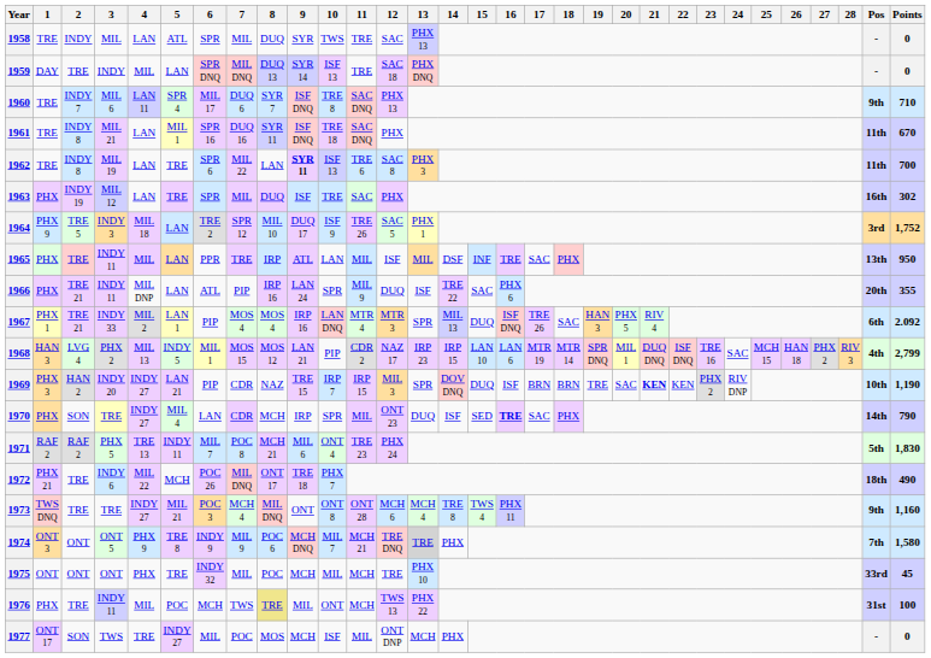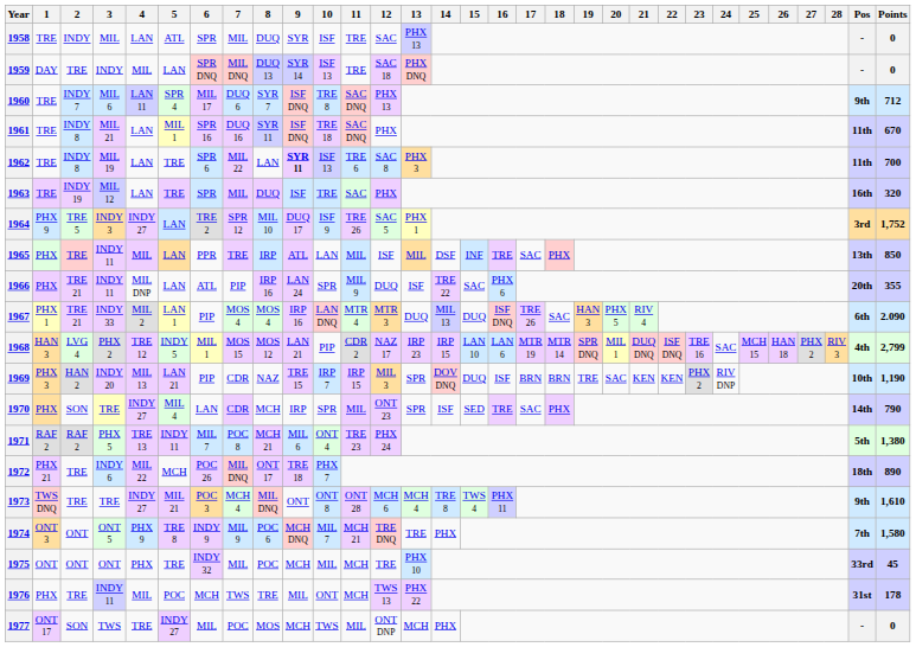 <table class="wikitable" style="text-align:center; font-size:90%">
 <tr>
 <th>Year</th>
 <th>1</th>
 <th>2</th>
 <th>3</th>
 <th>4</th>
 <th>5</th>
 <th>6</th>
 <th>7</th>
 <th>8</th>
 <th>9</th>
 <th>10</th>
 <th>11</th>
 <th>12</th>
 <th>13</th>
 <th>14</th>
 <th>15</th>
 <th>16</th>
 <th>17</th>
 <th>18</th>
 <th>19</th>
 <th>20</th>
 <th>21</th>
 <th>22</th>
 <th>23</th>
 <th>24</th>
 <th>25</th>
 <th>26</th>
 <th>27</th>
 <th>28</th>
 <th>Pos</th>
 <th>Points</th>
 </tr>
 <tr>
 <th rowspan=1><a href='#'>1958</a></th>
 <td><a href='#'>TRE</a></td>
 <td><a href='#'>INDY</a></td>
 <td><a href='#'>MIL</a></td>
 <td><a href='#'>LAN</a></td>
 <td><a href='#'>ATL</a></td>
 <td><a href='#'>SPR</a></td>
 <td><a href='#'>MIL</a></td>
 <td><a href='#'>DUQ</a></td>
 <td><a href='#'>SYR</a></td>
-<td><a href='#'>TWS</a><br><small> </small></td>
+<td><a href='#'>ISF</a></td>
 <td><a href='#'>TRE</a></td>
 <td><a href='#'>SAC</a></td>
 <td style="background:#CFCFFF;"><a href='#'>PHX</a><br><small>13</small></td>
 <td colspan=15></td>
 <th>-</th>
 <th>0</th>
 </tr>
 <tr>
 <th rowspan=1><a href='#'>1959</a></th>
 <td><a href='#'>DAY</a></td>
 <td><a href='#'>TRE</a></td>
 <td><a href='#'>INDY</a><br><small> </small></td>
 <td><a href='#'>MIL</a></td>
 <td><a href='#'>LAN</a></td>
 <td style="background:#ffcfcf;"><a href='#'>SPR</a><br><small>DNQ</small></td>
 <td style="background:#ffcfcf;"><a href='#'>MIL</a><br><small>DNQ</small></td>
 <td style="background:#cfcfff;"><a href='#'>DUQ</a><br><small>13</small></td>
 <td style="background:#cfcfff;"><a href='#'>SYR</a><br><small>14</small></td>
 <td style="background:#efcfff;"><a href='#'>ISF</a><br><small>13</small></td>
 <td><a href='#'>TRE</a><br><small> </small></td>
 <td style="background:#efcfff;"><a href='#'>SAC</a><br><small>18</small></td>
 <td style="background:#ffcfcf;"><a href='#'>PHX</a><br><small>DNQ</small></td>
 <td colspan=15></td>
 <th>-</th>
 <th>0</th>
 </tr>
 <tr>
 <th><a href='#'>1960</a></th>
 <td><a href='#'>TRE</a><br><small> </small></td>
 <td style="background:#CFEAFF;"><a href='#'>INDY</a><br><small>7</small></td>
 <td style="background:#CFEAFF;"><a href='#'>MIL</a><br><small>6</small></td>
 <td style="background:#CFCFFF;"><a href='#'>LAN</a><br><small>11</small></td>
 <td style="background:#DFFFDF;"><a href='#'>SPR</a><br><small>4</small></td>
 <td style="background:#EFCFFF;"><a href='#'>MIL</a><br><small>17</small></td>
 <td style="background:#CFEAFF;"><a href='#'>DUQ</a><br><small>6</small></td>
 <td style="background:#CFEAFF;"><a href='#'>SYR</a><br><small>7</small></td>
 <td style="background:#FFCFCF;"><a href='#'>ISF</a><br><small>DNQ</small></td>
 <td style="background:#CFEAFF;"><a href='#'>TRE</a><br><small>8</small></td>
 <td style="background:#FFCFCF;"><a href='#'>SAC</a><br><small>DNQ</small></td>
 <td style="background:#EFCFFF;"><a href='#'>PHX</a><br><small>13</small></td>
 <td colspan=16></td>
 <th style="background:#CFEAFF;">9th</th>
-<th style="background:#CFEAFF;">710</th>
+<th style="background:#CFEAFF;">712</th>
 </tr>
 <tr>
 <th><a href='#'>1961</a></th>
 <td><a href='#'>TRE</a><br><small> </small></td>
 <td style="background:#CFEAFF;"><a href='#'>INDY</a><br><small>8</small></td>
 <td style="background:#EFCFFF;"><a href='#'>MIL</a><br><small>21</small></td>
 <td><a href='#'>LAN</a><br><small> </small></td>
 <td style="background:#FFFFBF;"><a href='#'>MIL</a><br><small>1</small></td>
 <td style="background:#EFCFFF;"><a href='#'>SPR</a><br><small>16</small></td>
 <td style="background:#EFCFFF;"><a href='#'>DUQ</a><br><small>16</small></td>
 <td style="background:#CFCFFF;"><a href='#'>SYR</a><br><small>11</small></td>
 <td style="background:#FFCFCF;"><a href='#'>ISF</a><br><small>DNQ</small></td>
 <td style="background:#EFCFFF;"><a href='#'>TRE</a><br><small>18</small></td>
 <td style="background:#FFCFCF;"><a href='#'>SAC</a><br><small>DNQ</small></td>
 <td><a href='#'>PHX</a><br><small> </small></td>
 <td colspan=16></td>
 <th style="background:#CFCFFF;">11th</th>
 <th style="background:#CFCFFF;">670</th>
 </tr>
 <tr>
 <th><a href='#'>1962</a></th>
 <td><a href='#'>TRE</a><br><small> </small></td>
 <td style="background:#CFEAFF;"><a href='#'>INDY</a><br><small>8</small></td>
 <td style="background:#EFCFFF;"><a href='#'>MIL</a><br><small>19</small></td>
 <td><a href='#'>LAN</a><br><small> </small></td>
 <td><a href='#'>TRE</a><br><small> </small></td>
 <td style="background:#CFEAFF;"><a href='#'>SPR</a><br><small>6</small></td>
 <td style="background:#EFCFFF;"><a href='#'>MIL</a><br><small>22</small></td>
 <td><a href='#'>LAN</a><br><small> </small></td>
 <td style="background:#EFCFFF;"><strong><a href='#'>SYR</a><br><small>11</small></strong></td>
 <td style="background:#CFCFFF;"><a href='#'>ISF</a><br><small>13</small></td>
 <td style="background:#CFEAFF;"><a href='#'>TRE</a><br><small>6</small></td>
 <td style="background:#CFEAFF;"><a href='#'>SAC</a><br><small>8</small></td>
 <td style="background:#FFDF9F;"><a href='#'>PHX</a><br><small>3</small></td>
 <td colspan=15></td>
 <th style="background:#CFCFFF;">11th</th>
 <th style="background:#CFCFFF;">700</th>
 </tr>
 <tr>
 <th><a href='#'>1963</a></th>
-<td style="background:#EFCFFF;"><a href='#'>PHX</a><br></td>
+<td style="background:#EFCFFF;"><a href='#'>TRE</a><br></td>
 <td style="background:#EFCFFF;"><a href='#'>INDY</a><br><small>19</small></td>
 <td style="background:#CFCFFF;"><a href='#'>MIL</a><br><small>12</small></td>
 <td><a href='#'>LAN</a></td>
 <td style="background:#EFCFFF;"><a href='#'>TRE</a><br></td>
 <td style="background:#CFEAFF;"><a href='#'>SPR</a><br></td>
 <td style="background:#EFCFFF;"><a href='#'>MIL</a><br></td>
 <td style="background:#EFCFFF;"><a href='#'>DUQ</a><br></td>
 <td style="background:#CFEAFF;"><a href='#'>ISF</a><br></td>
 <td style="background:#CFEAFF;"><a href='#'>TRE</a><br></td>
 <td style="background:#DFFFDF;"><a href='#'>SAC</a><br></td>
 <td style="background:#EFCFFF;"><a href='#'>PHX</a><br></td>
 <td colspan=16></td>
 <th style="background:#CFCFFF;">16th</th>
-<th style="background:#CFCFFF;">302</th>
+<th style="background:#CFCFFF;">320</th>
 </tr>
 <tr>
 <th><a href='#'>1964</a></th>
 <td style="background:#CFEAFF;"><a href='#'>PHX</a><br><small>9</small></td>
 <td style="background:#DFFFDF;"><a href='#'>TRE</a><br><small>5</small></td>
 <td style="background:#FFDF9F;"><a href='#'>INDY</a><br><small>3</small></td>
-<td style="background:#EFCFFF;"><a href='#'>MIL</a><br><small>18</small></td>
+<td style="background:#EFCFFF;"><a href='#'>INDY</a><br><small>27</small></td>
 <td style="background:#CFEAFF;"><a href='#'>LAN</a><br></td>
 <td style="background:#DFDFDF;"><a href='#'>TRE</a><br><small>2</small></td>
 <td style="background:#EFCFFF;"><a href='#'>SPR</a><br><small>12</small></td>
 <td style="background:#CFEAFF;"><a href='#'>MIL</a><br><small>10</small></td>
 <td style="background:#EFCFFF;"><a href='#'>DUQ</a><br><small>17</small></td>
 <td style="background:#CFEAFF;"><a href='#'>ISF</a><br><small>9</small></td>
 <td style="background:#EFCFFF;"><a href='#'>TRE</a><br><small>26</small></td>
 <td style="background:#DFFFDF;"><a href='#'>SAC</a><br><small>5</small></td>
 <td style="background:#FFFFBF;"><a href='#'>PHX</a><br><small>1</small></td>
 <td colspan=15></td>
 <th style="background:#FFDF9F;">3rd</th>
 <th style="background:#FFDF9F;">1,752</th>
 </tr>
 <tr>
 <th><a href='#'>1965</a></th>
 <td style="background:#DFFFDF;"><a href='#'>PHX</a><br></td>
 <td style="background:#FFCFCF;"><a href='#'>TRE</a><br></td>
 <td style="background:#EFCFFF;"><a href='#'>INDY</a><br><small>11</small></td>
 <td style="background:#EFCFFF;"><a href='#'>MIL</a><br></td>
 <td style="background:#FFDF9F;"><a href='#'>LAN</a><br></td>
 <td><a href='#'>PPR</a><br></td>
 <td style="background:#EFCFFF;"><a href='#'>TRE</a><br></td>
 <td style="background:#CFEAFF;"><a href='#'>IRP</a><br></td>
 <td style="background:#EFCFFF;"><a href='#'>ATL</a><br></td>
 <td><a href='#'>LAN</a><br></td>
 <td style="background:#CFEAFF;"><a href='#'>MIL</a><br></td>
 <td><a href='#'>ISF</a><br></td>
 <td style="background:#FFDF9F;"><a href='#'>MIL</a><br></td>
 <td><a href='#'>DSF</a><br></td>
 <td style="background:#CFEAFF;"><a href='#'>INF</a><br></td>
 <td style="background:#EFCFFF;"><a href='#'>TRE</a><br></td>
 <td><a href='#'>SAC</a><br></td>
 <td style="background:#FFCFCF;"><a href='#'>PHX</a><br></td>
 <td colspan=10></td>
 <th style="background:#CFCFFF;">13th</th>
-<th style="background:#CFCFFF;">950</th>
+<th style="background:#CFCFFF;">850</th>
 </tr>
 <tr>
 <th><a href='#'>1966</a></th>
 <td style="background:#EFCFFF;"><a href='#'>PHX</a><br></td>
 <td style="background:#EFCFFF;"><a href='#'>TRE</a><br><small>21</small></td>
 <td style="background:#EFCFFF;"><a href='#'>INDY</a><br><small>11</small></td>
 <td><a href='#'>MIL</a><br><small>DNP</small></td>
 <td><a href='#'>LAN</a><br><small> </small></td>
 <td><a href='#'>ATL</a><br><small> </small></td>
 <td><a href='#'>PIP</a></td>
 <td style="background:#EFCFFF;"><a href='#'>IRP</a><br><small>16</small></td>
 <td style="background:#EFCFFF;"><a href='#'>LAN</a><br><small>24</small></td>
 <td><a href='#'>SPR</a><br><small> </small></td>
 <td style="background:#CFEAFF;"><a href='#'>MIL</a><br><small>9</small></td>
 <td><a href='#'>DUQ</a><br><small> </small></td>
 <td><a href='#'>ISF</a><br><small> </small></td>
 <td style="background:#EFCFFF;"><a href='#'>TRE</a><br><small>22</small></td>
 <td><a href='#'>SAC</a><br><small> </small></td>
 <td style="background:#CFEAFF;"><a href='#'>PHX</a><br><small>6</small></td>
 <td colspan=12></td>
 <th style="background:#CFCFFF;">20th</th>
 <th style="background:#CFCFFF;">355</th>
 </tr>
 <tr>
 <th><a href='#'>1967</a></th>
 <td style="background:#FFFFBF;"><a href='#'>PHX</a><br><small>1</small></td>
 <td style="background:#EFCFFF;"><a href='#'>TRE</a><br><small>21</small></td>
 <td style="background:#EFCFFF;"><a href='#'>INDY</a><br><small>33</small></td>
 <td style="background:#DFDFDF;"><a href='#'>MIL</a><br><small>2</small></td>
 <td style="background:#FFFFBF;"><a href='#'>LAN</a><br><small>1</small></td>
 <td><a href='#'>PIP</a></td>
 <td style="background:#DFFFDF;"><a href='#'>MOS</a><br><small>4</small></td>
 <td style="background:#DFFFDF;"><a href='#'>MOS</a><br><small>4</small></td>
 <td style="background:#EFCFFF;"><a href='#'>IRP</a><br><small>16</small></td>
 <td style="background:#FFCFCF;"><a href='#'>LAN</a><br><small>DNQ</small></td>
 <td style="background:#DFFFDF;"><a href='#'>MTR</a><br><small>4</small></td>
 <td style="background:#FFDF9F;"><a href='#'>MTR</a><br><small>3</small></td>
-<td><a href='#'>SPR</a><br><small> </small></td>
+<td><a href='#'>DUQ</a><br></td>
 <td style="background:#CFCFFF;"><a href='#'>MIL</a><br><small>13</small></td>
 <td><a href='#'>DUQ</a><br><small> </small></td>
 <td style="background:#FFCFCF;"><a href='#'>ISF</a><br><small>DNQ</small></td>
 <td style="background:#EFCFFF;"><a href='#'>TRE</a><br><small>26</small></td>
 <td><a href='#'>SAC</a><br><small> </small></td>
 <td style="background:#FFDF9F;"><a href='#'>HAN</a><br><small>3</small></td>
 <td style="background:#DFFFDF;"><a href='#'>PHX</a><br><small>5</small></td>
 <td style="background:#DFFFDF;"><a href='#'>RIV</a><br><small>4</small></td>
 <td colspan=7></td>
 <th style="background:#CFEAFF;">6th</th>
-<th style="background:#CFEAFF;">2.092</th>
+<th style="background:#CFEAFF;">2.090</th>
 </tr>
 <tr>
 <th><a href='#'>1968</a></th>
 <td style="background:#FFDF9F;"><a href='#'>HAN</a><br><small>3</small></td>
 <td style="background:#DFFFDF;"><a href='#'>LVG</a><br><small>4</small></td>
 <td style="background:#DFDFDF;"><a href='#'>PHX</a><br><small>2</small></td>
-<td style="background:#EFCFFF;"><a href='#'>MIL</a><br><small>13</small></td>
+<td style="background:#EFCFFF;"><a href='#'>TRE</a><br><small>12</small></td>
 <td style="background:#DFFFDF;"><a href='#'>INDY</a><br><small>5</small></td>
 <td style="background:#FFFFBF;"><a href='#'>MIL</a><br><small>1</small></td>
 <td style="background:#EFCFFF;"><a href='#'>MOS</a><br><small>15</small></td>
 <td style="background:#EFCFFF;"><a href='#'>MOS</a><br><small>12</small></td>
 <td style="background:#EFCFFF;"><a href='#'>LAN</a><br><small>21</small></td>
 <td><a href='#'>PIP</a></td>
 <td style="background:#DFDFDF;"><a href='#'>CDR</a><br><small>2</small></td>
 <td style="background:#EFCFFF;"><a href='#'>NAZ</a><br><small>17</small></td>
 <td style="background:#EFCFFF;"><a href='#'>IRP</a><br><small>23</small></td>
 <td style="background:#EFCFFF;"><a href='#'>IRP</a><br><small>15</small></td>
 <td style="background:#CFEAFF;"><a href='#'>LAN</a><br><small>10</small></td>
 <td style="background:#CFEAFF;"><a href='#'>LAN</a><br><small>6</small></td>
 <td style="background:#EFCFFF;"><a href='#'>MTR</a><br><small>19</small></td>
 <td style="background:#EFCFFF;"><a href='#'>MTR</a><br><small>14</small></td>
 <td style="background:#FFCFCF;"><a href='#'>SPR</a><br><small>DNQ</small></td>
 <td style="background:#FFFFBF;"><a href='#'>MIL</a><br><small>1</small></td>
 <td style="background:#FFCFCF;"><a href='#'>DUQ</a><br><small>DNQ</small></td>
 <td style="background:#FFCFCF;"><a href='#'>ISF</a><br><small>DNQ</small></td>
 <td style="background:#EFCFFF;"><a href='#'>TRE</a><br><small>16</small></td>
 <td><a href='#'>SAC</a><br><small> </small></td>
 <td style="background:#EFCFFF;"><a href='#'>MCH</a><br><small>15</small></td>
 <td style="background:#EFCFFF;"><a href='#'>HAN</a><br><small>18</small></td>
 <td style="background:#DFDFDF;"><a href='#'>PHX</a><br><small>2</small></td>
 <td style="background:#FFDF9F;"><a href='#'>RIV</a><br><small>3</small></td>
 <th style="background:#DFFFDF;">4th</th>
 <th style="background:#DFFFDF;">2,799</th>
 </tr>
 <tr>
 <th><a href='#'>1969</a></th>
 <td style="background:#FFDF9F;"><a href='#'>PHX</a><br><small>3</small></td>
 <td style="background:#DFDFDF;"><a href='#'>HAN</a><br><small>2</small></td>
 <td style="background:#EFCFFF;"><a href='#'>INDY</a><br><small>20</small></td>
-<td style="background:#EFCFFF;"><a href='#'>INDY</a><br><small>27</small></td>
+<td style="background:#EFCFFF;"><a href='#'>MIL</a><br><small>13</small></td>
 <td style="background:#EFCFFF;"><a href='#'>LAN</a><br><small>21</small></td>
 <td><a href='#'>PIP</a></td>
 <td><a href='#'>CDR</a><br><small> </small></td>
 <td><a href='#'>NAZ</a></td>
 <td style="background:#EFCFFF;"><a href='#'>TRE</a><br><small>15</small></td>
 <td style="background:#CFEAFF;"><a href='#'>IRP</a><br><small>7</small></td>
 <td style="background:#EFCFFF;"><a href='#'>IRP</a><br><small>15</small></td>
 <td style="background:#FFDF9F;"><a href='#'>MIL</a><br><small>3</small></td>
 <td><a href='#'>SPR</a><br><small> </small></td>
 <td style="background:#FFCFCF;"><a href='#'>DOV</a><br><small>DNQ</small></td>
 <td><a href='#'>DUQ</a><br><small> </small></td>
 <td><a href='#'>ISF</a><br><small> </small></td>
 <td><a href='#'>BRN</a><br><small> </small></td>
 <td><a href='#'>BRN</a><br><small> </small></td>
 <td><a href='#'>TRE</a><br><small> </small></td>
 <td><a href='#'>SAC</a><br><small> </small></td>
-<td><strong><a href='#'>KEN</a></strong></td>
+<td><a href='#'>KEN</a></td>
 <td><a href='#'>KEN</a></td>
 <td style="background:#DFDFDF;"><a href='#'>PHX</a><br><small>2</small></td>
 <td><a href='#'>RIV</a><br><small>DNP</small></td>
 <td colspan=4></td>
 <th style="background:#CFEAFF;">10th</th>
 <th style="background:#CFEAFF;">1,190</th>
 </tr>
 <tr>
 <th><a href='#'>1970</a></th>
 <td style="background:#FFDF9F;"><a href='#'>PHX</a><br></td>
 <td><a href='#'>SON</a><br></td>
 <td style="background:#FFFFBF;"><a href='#'>TRE</a><br></td>
 <td style="background:#EFCFFF;"><a href='#'>INDY</a><br><small>27</small></td>
 <td style="background:#DFFFDF;"><a href='#'>MIL</a><br><small>4</small></td>
 <td><a href='#'>LAN</a><br></td>
 <td style="background:#EFCFFF;"><a href='#'>CDR</a><br></td>
 <td><a href='#'>MCH</a><br></td>
 <td><a href='#'>IRP</a><br></td>
 <td><a href='#'>SPR</a><br></td>
 <td style="background:#EFCFFF;"><a href='#'>MIL</a><br></td>
 <td style="background:#EFCFFF;"><a href='#'>ONT</a><br><small>23</small></td>
-<td><a href='#'>DUQ</a><br></td>
+<td><a href='#'>SPR</a><br><small> </small></td>
 <td><a href='#'>ISF</a><br></td>
 <td><a href='#'>SED</a><br></td>
-<td style="background:#EFCFFF;"><strong><a href='#'>TRE</a><br></strong></td>
+<td style="background:#EFCFFF;"><a href='#'>TRE</a><br></td>
 <td><a href='#'>SAC</a><br></td>
 <td style="background:#EFCFFF;"><a href='#'>PHX</a><br></td>
 <td colspan=10></td>
 <th style="background:#CFCFFF;">14th</th>
 <th style="background:#CFCFFF;">790</th>
 </tr>
 <tr>
 <th><a href='#'>1971</a></th>
 <td style="background:#DFDFDF;"><a href='#'>RAF</a><br><small>2</small></td>
 <td style="background:#DFDFDF;"><a href='#'>RAF</a><br><small>2</small></td>
 <td style="background:#DFFFDF;"><a href='#'>PHX</a><br><small>5</small></td>
 <td style="background:#EFCFFF;"><a href='#'>TRE</a><br><small>13</small></td>
 <td style="background:#EFCFFF;"><a href='#'>INDY</a><br><small>11</small></td>
 <td style="background:#CFEAFF;"><a href='#'>MIL</a><br><small>7</small></td>
 <td style="background:#CFEAFF;"><a href='#'>POC</a><br><small>8</small></td>
 <td style="background:#EFCFFF;"><a href='#'>MCH</a><br><small>21</small></td>
 <td style="background:#CFEAFF;"><a href='#'>MIL</a><br><small>6</small></td>
 <td style="background:#DFFFDF;"><a href='#'>ONT</a><br><small>4</small></td>
 <td style="background:#EFCFFF;"><a href='#'>TRE</a><br><small>23</small></td>
 <td style="background:#EFCFFF;"><a href='#'>PHX</a><br><small>24</small></td>
 <td colspan=16></td>
 <th style="background:#DFFFDF;">5th</th>
-<th style="background:#DFFFDF;">1,830</th>
+<th style="background:#DFFFDF;">1,380</th>
 </tr>
 <tr>
 <th><a href='#'>1972</a></th>
 <td style="background:#EFCFFF;"><a href='#'>PHX</a><br><small>21</small></td>
 <td><a href='#'>TRE</a><br><small> </small></td>
 <td style="background:#CFEAFF;"><a href='#'>INDY</a><br><small>6</small></td>
 <td style="background:#EFCFFF;"><a href='#'>MIL</a><br><small>22</small></td>
 <td><a href='#'>MCH</a><br><small> </small></td>
 <td style="background:#EFCFFF;"><a href='#'>POC</a><br><small>26</small></td>
 <td style="background:#FFCFCF;"><a href='#'>MIL</a><br><small>DNQ</small></td>
 <td style="background:#EFCFFF;"><a href='#'>ONT</a><br><small>17</small></td>
 <td style="background:#EFCFFF;"><a href='#'>TRE</a><br><small>18</small></td>
 <td style="background:#CFEAFF;"><a href='#'>PHX</a><br><small>7</small></td>
 <td colspan=18></td>
 <th style="background:#CFCFFF;">18th</th>
-<th style="background:#CFCFFF;">490</th>
+<th style="background:#CFCFFF;">890</th>
 </tr>
 <tr>
 <th><a href='#'>1973</a></th>
 <td style="background:#FFCFCF;"><a href='#'>TWS</a><br><small>DNQ</small></td>
 <td><a href='#'>TRE</a><br><small> </small></td>
 <td><a href='#'>TRE</a><br><small> </small></td>
 <td style="background:#EFCFFF;"><a href='#'>INDY</a><br><small>27</small></td>
 <td style="background:#EFCFFF;"><a href='#'>MIL</a><br><small>21</small></td>
 <td style="background:#FFDF9F;"><a href='#'>POC</a><br><small>3</small></td>
 <td style="background:#DFFFDF;"><a href='#'>MCH</a><br><small>4</small></td>
 <td style="background:#FFCFCF;"><a href='#'>MIL</a><br><small>DNQ</small></td>
 <td><a href='#'>ONT</a></td>
 <td style="background:#CFEAFF;"><a href='#'>ONT</a><br><small>8</small></td>
 <td style="background:#EFCFFF;"><a href='#'>ONT</a><br><small>28</small></td>
 <td style="background:#CFEAFF;"><a href='#'>MCH</a><br><small>6</small></td>
 <td style="background:#DFFFDF;"><a href='#'>MCH</a><br><small>4</small></td>
 <td style="background:#CFEAFF;"><a href='#'>TRE</a><br><small>8</small></td>
 <td style="background:#DFFFDF;"><a href='#'>TWS</a><br><small>4</small></td>
 <td style="background:#CFCFFF;"><a href='#'>PHX</a><br><small>11</small></td>
 <td colspan=12></td>
 <th style="background:#CFEAFF;">9th</th>
-<th style="background:#CFEAFF;">1,160</th>
+<th style="background:#CFEAFF;">1,610</th>
 </tr>
 <tr>
 <th><a href='#'>1974</a></th>
 <td style="background:#FFDF9F;"><a href='#'>ONT</a><br><small>3</small></td>
 <td><a href='#'>ONT</a></td>
 <td style="background:#DFFFDF;"><a href='#'>ONT</a><br><small>5</small></td>
 <td style="background:#CFEAFF;"><a href='#'>PHX</a><br><small>9</small></td>
 <td style="background:#EFCFFF;"><a href='#'>TRE</a><br><small>8</small></td>
 <td style="background:#EFCFFF;"><a href='#'>INDY</a><br><small>9</small></td>
 <td style="background:#CFEAFF;"><a href='#'>MIL</a><br><small>9</small></td>
 <td style="background:#CFEAFF;"><a href='#'>POC</a><br><small>6</small></td>
 <td style="background:#FFCFCF;"><a href='#'>MCH</a><br><small>DNQ</small></td>
 <td style="background:#CFEAFF;"><a href='#'>MIL</a><br><small>7</small></td>
 <td style="background:#EFCFFF;"><a href='#'>MCH</a><br><small>21</small></td>
 <td style="background:#FFCFCF;"><a href='#'>TRE</a><br><small>DNQ</small></td>
-<td style="background: lightgrey;"><a href='#'>TRE</a><br><small> </small></td>
+<td><a href='#'>TRE</a><br><small> </small></td>
 <td><a href='#'>PHX</a><br><small> </small></td>
 <td colspan=14></td>
 <th style="background:#CFEAFF;">7th</th>
 <th style="background:#CFEAFF;">1,580</th>
 </tr>
 <tr>
 <th><a href='#'>1975</a></th>
 <td><a href='#'>ONT</a><br><small> </small></td>
 <td><a href='#'>ONT</a></td>
 <td><a href='#'>ONT</a><br><small> </small></td>
 <td><a href='#'>PHX</a><br><small> </small></td>
 <td><a href='#'>TRE</a><br><small> </small></td>
 <td style="background:#EFCFFF;"><a href='#'>INDY</a><br><small>32</small></td>
 <td><a href='#'>MIL</a><br><small></small></td>
 <td><a href='#'>POC</a><br><small> </small></td>
 <td><a href='#'>MCH</a><br><small> </small></td>
 <td><a href='#'>MIL</a><br><small> </small></td>
 <td><a href='#'>MCH</a><br><small> </small></td>
 <td><a href='#'>TRE</a><br><small> </small></td>
 <td style="background:#CFEAFF;"><a href='#'>PHX</a><br><small>10</small></td>
 <td colspan=15></td>
 <th style="background:#CFCFFF;">33rd</th>
 <th style="background:#CFCFFF;">45</th>
 </tr>
 <tr>
 <th><a href='#'>1976</a></th>
 <td><a href='#'>PHX</a><br><small> </small></td>
 <td><a href='#'>TRE</a><br><small> </small></td>
 <td style="background:#CFCFFF;"><a href='#'>INDY</a><br><small>11</small></td>
 <td><a href='#'>MIL</a><br><small> </small></td>
 <td><a href='#'>POC</a><br><small> </small></td>
 <td><a href='#'>MCH</a><br><small> </small></td>
 <td><a href='#'>TWS</a><br><small> </small></td>
-<td style="background: khaki;"><a href='#'>TRE</a><br><small> </small></td>
+<td><a href='#'>TRE</a><br><small> </small></td>
 <td><a href='#'>MIL</a></td>
 <td><a href='#'>ONT</a><br><small> </small></td>
 <td><a href='#'>MCH</a><br><small> </small></td>
 <td style="background:#EFCFFF;"><a href='#'>TWS</a><br><small>13</small></td>
 <td style="background:#EFCFFF;"><a href='#'>PHX</a><br><small>22</small></td>
 <td colspan=15></td>
 <th style="background:#CFCFFF;">31st</th>
-<th style="background:#CFCFFF;">100</th>
+<th style="background:#CFCFFF;">178</th>
 </tr>
 <tr>
 <th><a href='#'>1977</a></th>
 <td style="background:#EFCFFF;"><a href='#'>ONT</a><br><small>17</small></td>
 <td><a href='#'>SON</a><br></td>
 <td><a href='#'>TWS</a><br><small> </small></td>
 <td><a href='#'>TRE</a><br><small> </small></td>
 <td style="background:#EFCFFF;"><a href='#'>INDY</a><br><small>27</small></td>
 <td><a href='#'>MIL</a><br><small> </small></td>
 <td><a href='#'>POC</a><br><small> </small></td>
 <td><a href='#'>MOS</a><br><small> </small></td>
 <td><a href='#'>MCH</a><br><small> </small></td>
-<td><a href='#'>ISF</a></td>
+<td><a href='#'>TWS</a><br><small> </small></td>
 <td><a href='#'>MIL</a><br><small></small></td>
 <td><a href='#'>ONT</a><br><small>DNP</small></td>
 <td><a href='#'>MCH</a><br><small> </small></td>
 <td><a href='#'>PHX</a><br><small> </small></td>
 <td colspan=14></td>
 <th>-</th>
 <th>0</th>
 </tr>
 </table>
